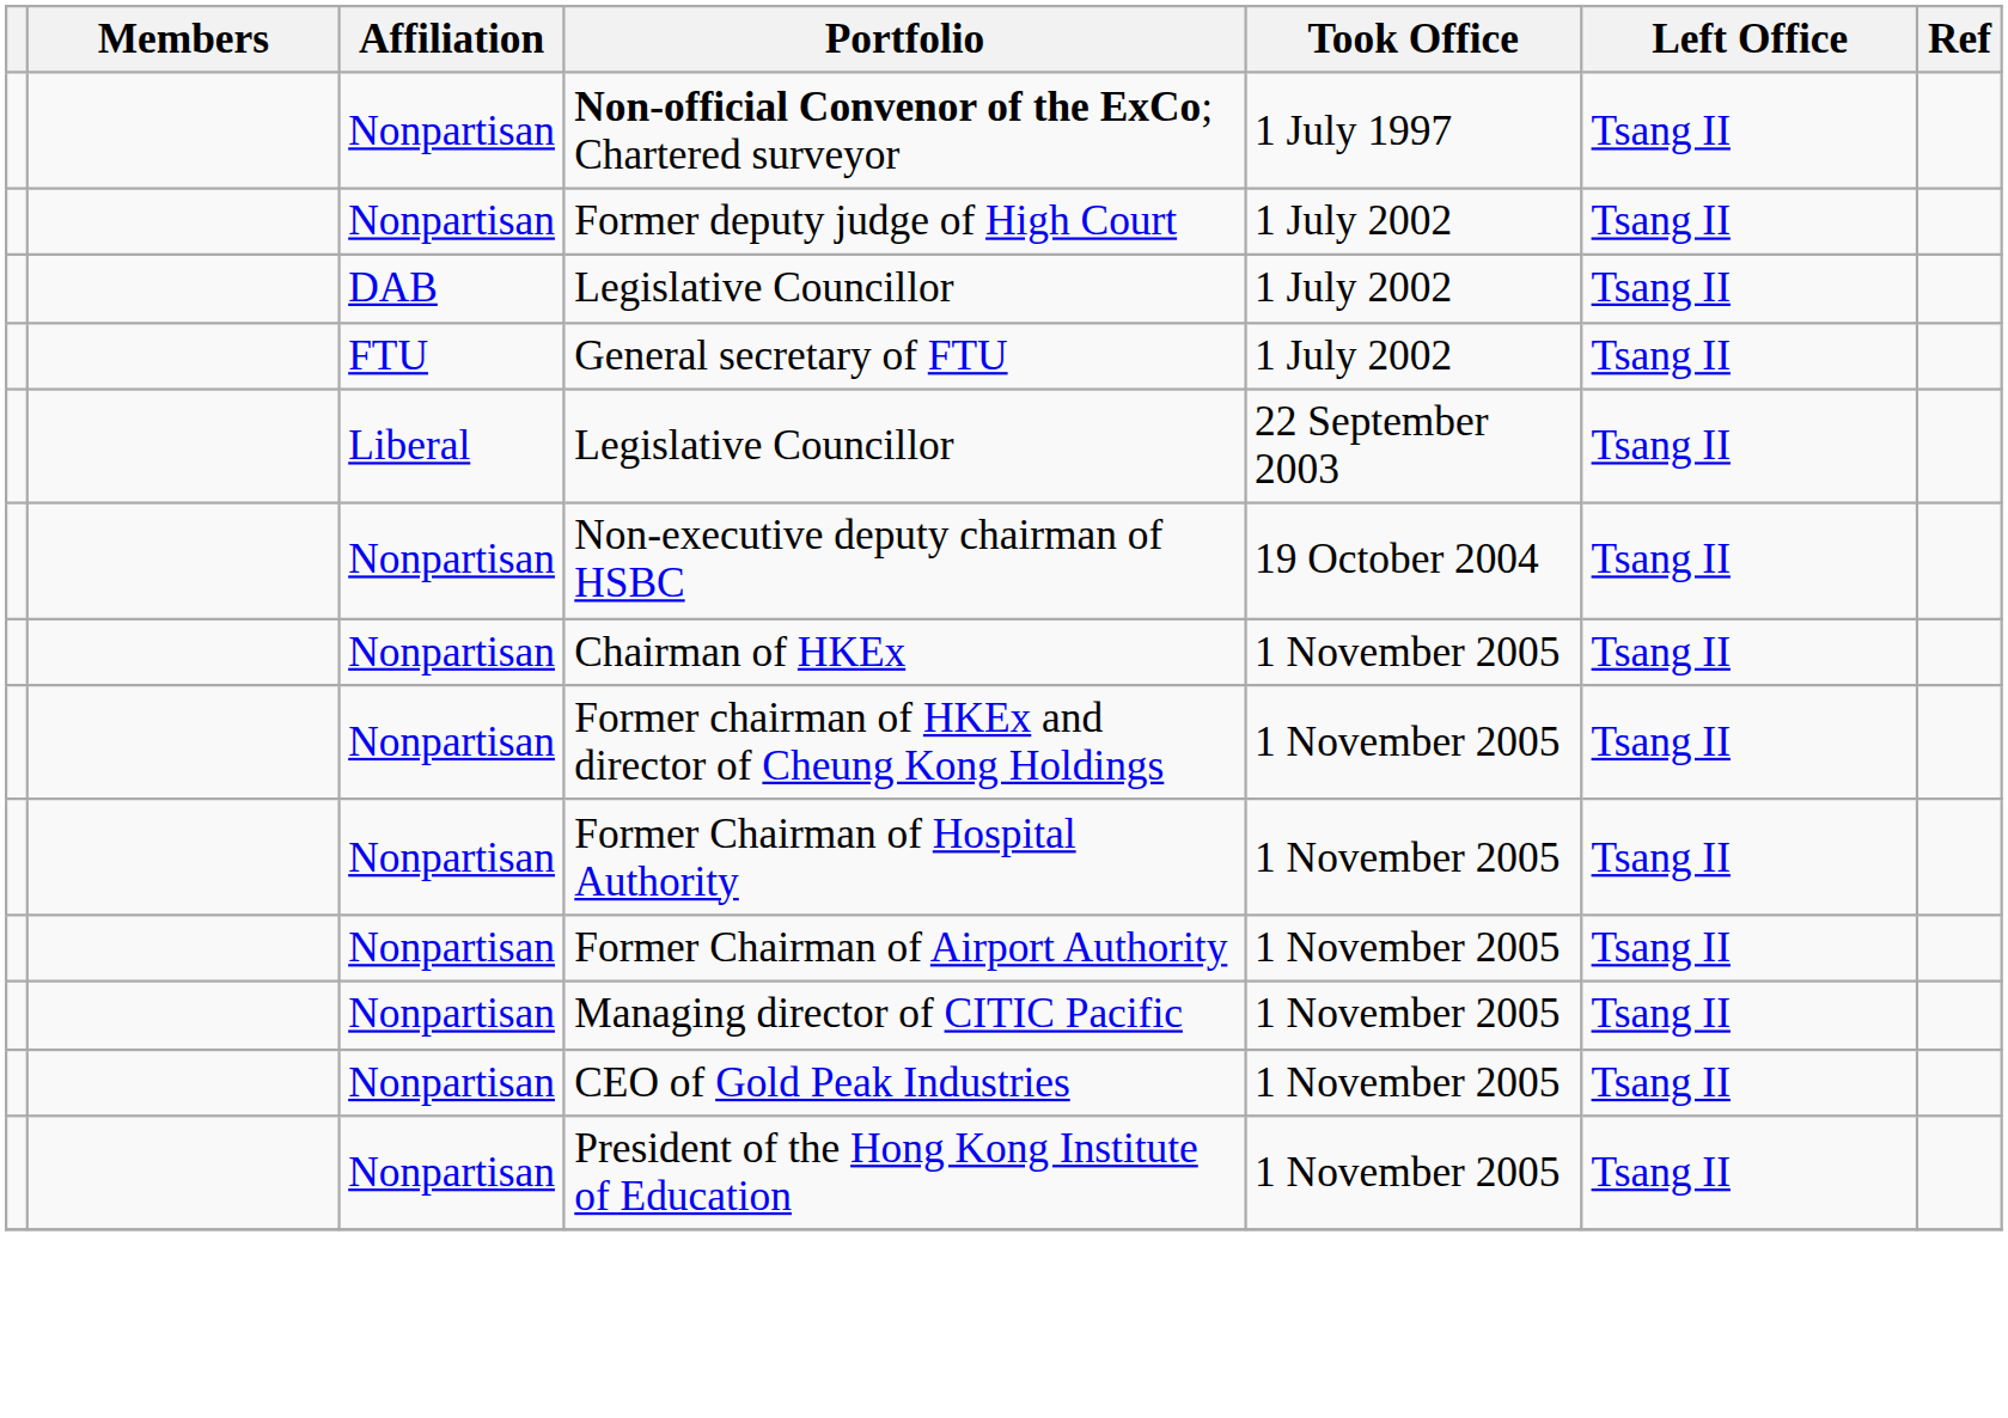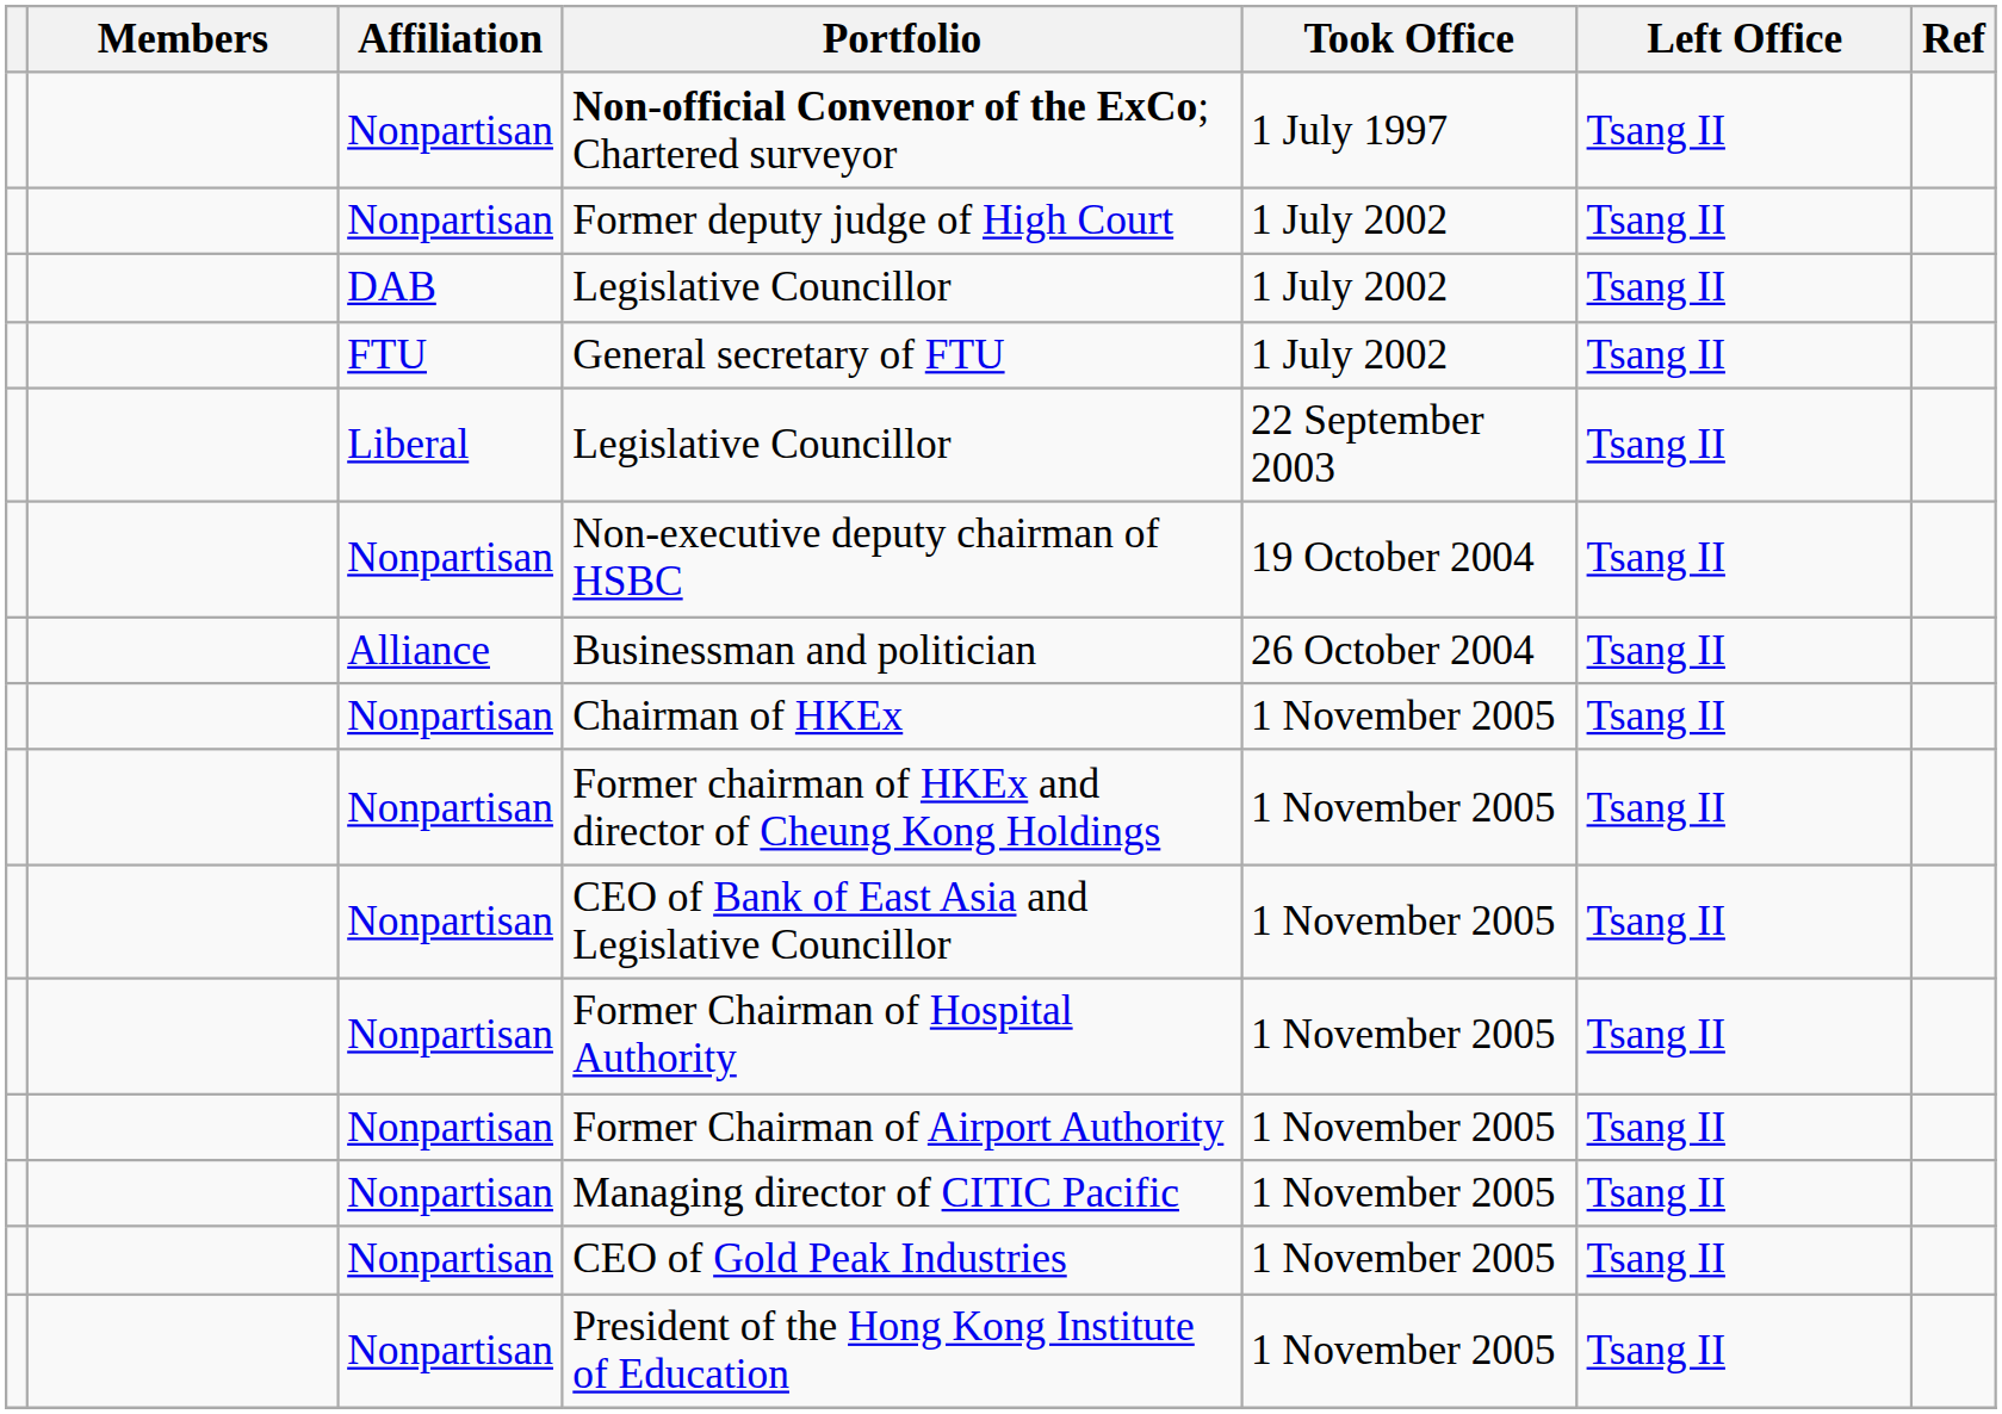 <table class="wikitable">
 <tr>
 <th width="1px" class="unsortable"></th>
 <th width="110px">Members</th>
 <th width="50px">Affiliation</th>
 <th width="250px">Portfolio</th>
 <th width="120px">Took Office</th>
 <th width="120px">Left Office</th>
 <th width="10px">Ref</th>
 </tr>
 <tr>
 <td style="color:inherit;background:"></td>
 <td><strong></strong></td>
 <td><a href='#'>Nonpartisan</a></td>
 <td><strong>Non-official Convenor of the ExCo</strong>;<br>Chartered surveyor</td>
 <td>1 July 1997</td>
 <td><a href='#'>Tsang II</a></td>
 <td></td>
 </tr>
 <tr>
 <td style="color:inherit;background:"></td>
 <td></td>
 <td><a href='#'>Nonpartisan</a></td>
 <td>Former deputy judge of <a href='#'>High Court</a></td>
 <td>1 July 2002</td>
 <td><a href='#'>Tsang II</a></td>
 <td></td>
 </tr>
 <tr>
 <td style="color:inherit;background:"></td>
 <td></td>
 <td><a href='#'>DAB</a></td>
 <td>Legislative Councillor</td>
 <td>1 July 2002</td>
 <td><a href='#'>Tsang II</a></td>
 <td></td>
 </tr>
 <tr>
 <td style="color:inherit;background:"></td>
 <td></td>
 <td><a href='#'>FTU</a></td>
 <td>General secretary of <a href='#'>FTU</a></td>
 <td>1 July 2002</td>
 <td><a href='#'>Tsang II</a></td>
 <td></td>
 </tr>
 <tr>
 <td style="color:inherit;background:"></td>
 <td></td>
 <td><a href='#'>Liberal</a></td>
 <td>Legislative Councillor</td>
 <td>22 September 2003</td>
 <td><a href='#'>Tsang II</a></td>
 <td></td>
 </tr>
 <tr>
 <td style="color:inherit;background:"></td>
 <td></td>
 <td><a href='#'>Nonpartisan</a></td>
 <td>Non-executive deputy chairman of <a href='#'>HSBC</a></td>
 <td>19 October 2004</td>
 <td><a href='#'>Tsang II</a></td>
 <td></td>
 </tr>
 <tr>
 <td style="color:inherit;background:"></td>
 <td></td>
+<td><a href='#'>Alliance</a></td>
+<td>Businessman and politician</td>
+<td>26 October 2004</td>
+<td><a href='#'>Tsang II</a></td>
+<td></td>
+</tr>
+<tr>
+<td style="color:inherit;background:"></td>
+<td></td>
 <td><a href='#'>Nonpartisan</a></td>
 <td>Chairman of <a href='#'>HKEx</a></td>
 <td>1 November 2005</td>
 <td><a href='#'>Tsang II</a></td>
 <td></td>
 </tr>
 <tr>
 <td style="color:inherit;background:"></td>
 <td></td>
 <td><a href='#'>Nonpartisan</a></td>
 <td>Former chairman of <a href='#'>HKEx</a> and director of <a href='#'>Cheung Kong Holdings</a></td>
+<td>1 November 2005</td>
+<td><a href='#'>Tsang II</a></td>
+<td></td>
+</tr>
+<tr>
+<td style="color:inherit;background:"></td>
+<td></td>
+<td><a href='#'>Nonpartisan</a></td>
+<td>CEO of <a href='#'>Bank of East Asia</a> and Legislative Councillor</td>
 <td>1 November 2005</td>
 <td><a href='#'>Tsang II</a></td>
 <td></td>
 </tr>
 <tr>
 <td style="color:inherit;background:"></td>
 <td></td>
 <td><a href='#'>Nonpartisan</a></td>
 <td>Former Chairman of <a href='#'>Hospital Authority</a></td>
 <td>1 November 2005</td>
 <td><a href='#'>Tsang II</a></td>
 <td></td>
 </tr>
 <tr>
 <td style="color:inherit;background:"></td>
 <td></td>
 <td><a href='#'>Nonpartisan</a></td>
 <td>Former Chairman of <a href='#'>Airport Authority</a></td>
 <td>1 November 2005</td>
 <td><a href='#'>Tsang II</a></td>
 <td></td>
 </tr>
 <tr>
 <td style="color:inherit;background:"></td>
 <td></td>
 <td><a href='#'>Nonpartisan</a></td>
 <td>Managing director of <a href='#'>CITIC Pacific</a></td>
 <td>1 November 2005</td>
 <td><a href='#'>Tsang II</a></td>
 <td></td>
 </tr>
 <tr>
 <td style="color:inherit;background:"></td>
 <td></td>
 <td><a href='#'>Nonpartisan</a></td>
 <td>CEO of <a href='#'>Gold Peak Industries</a></td>
 <td>1 November 2005</td>
 <td><a href='#'>Tsang II</a></td>
 <td></td>
 </tr>
 <tr>
 <td style="color:inherit;background:"></td>
 <td></td>
 <td><a href='#'>Nonpartisan</a></td>
 <td>President of the <a href='#'>Hong Kong Institute of Education</a></td>
 <td>1 November 2005</td>
 <td><a href='#'>Tsang II</a></td>
 <td></td>
 </tr>
 <tr>
 </tr>
 </table>
